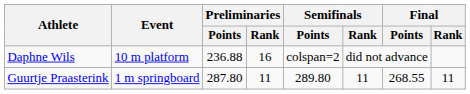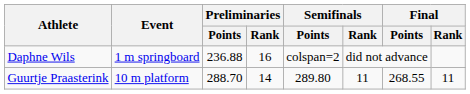 <table class="wikitable" style="font-size:90%">
 <tr>
 <th rowspan="2">Athlete</th>
 <th rowspan="2">Event</th>
 <th colspan="2">Preliminaries</th>
 <th colspan="2">Semifinals</th>
 <th colspan="2">Final</th>
 </tr>
 <tr style="font-size:95%">
 <th>Points</th>
 <th>Rank</th>
 <th>Points</th>
 <th>Rank</th>
 <th>Points</th>
 <th>Rank</th>
 </tr>
 <tr align="center">
 <td rowspan="1" align="left"><a href='#'>Daphne Wils</a></td>
-<td align="left"><a href='#'>10 m platform</a></td>
+<td align="left"><a href='#'>1 m springboard</a></td>
 <td>236.88</td>
 <td>16</td>
 <td>colspan=2 </td>
 <td colspan=2>did not advance</td>
 </tr>
 <tr align="center">
 <td rowspan="1" align="left"><a href='#'>Guurtje Praasterink</a></td>
-<td align="left"><a href='#'>1 m springboard</a></td>
-<td>287.80</td>
-<td>11</td>
+<td align="left"><a href='#'>10 m platform</a></td>
+<td>288.70</td>
+<td>14</td>
 <td>289.80</td>
 <td>11</td>
 <td>268.55</td>
 <td>11</td>
 </tr>
 </table>
